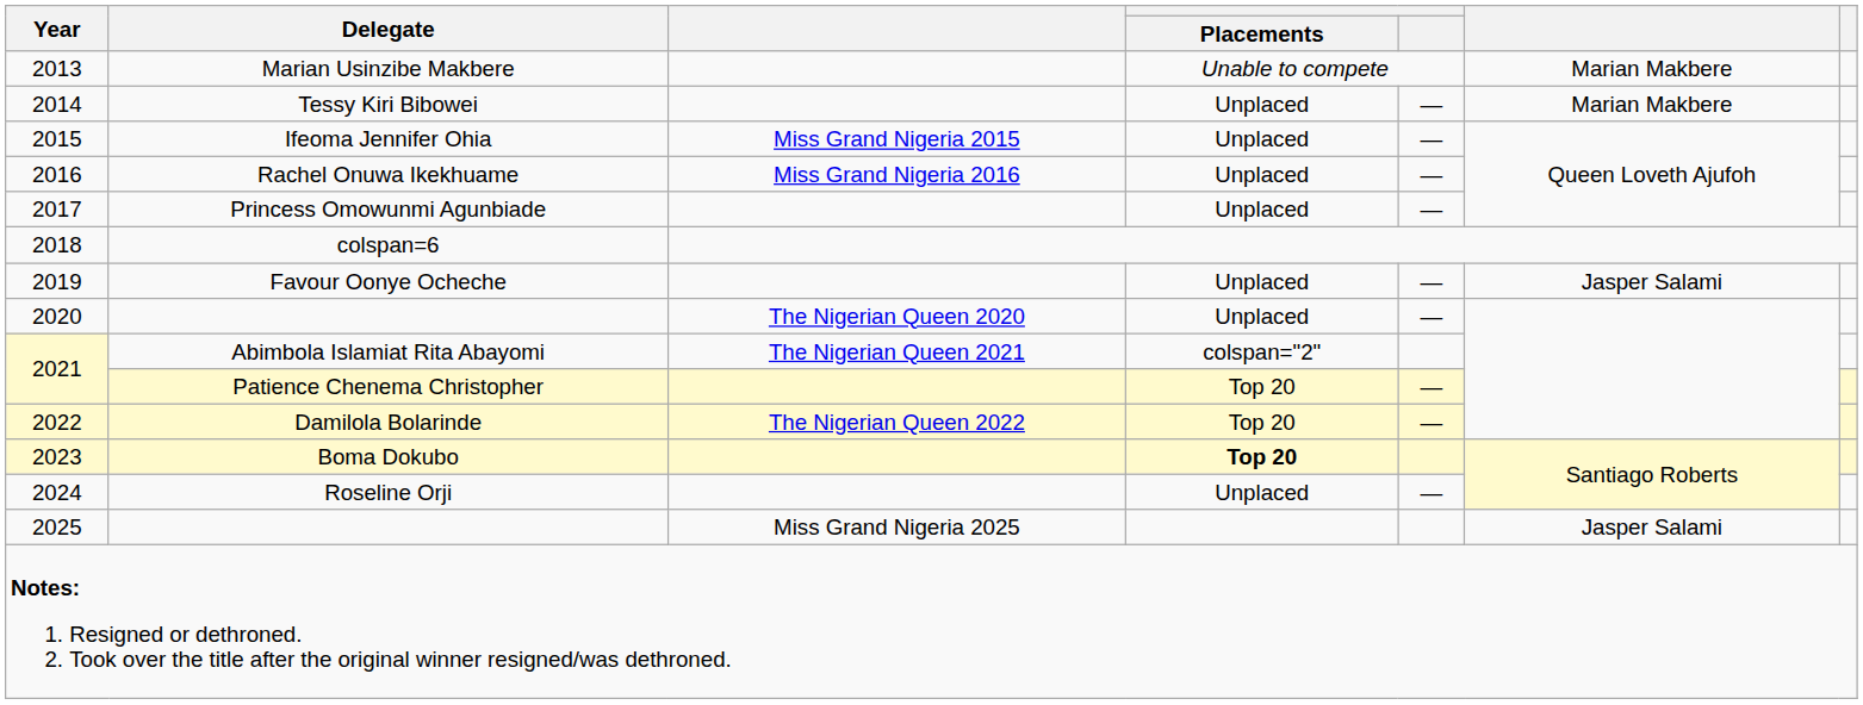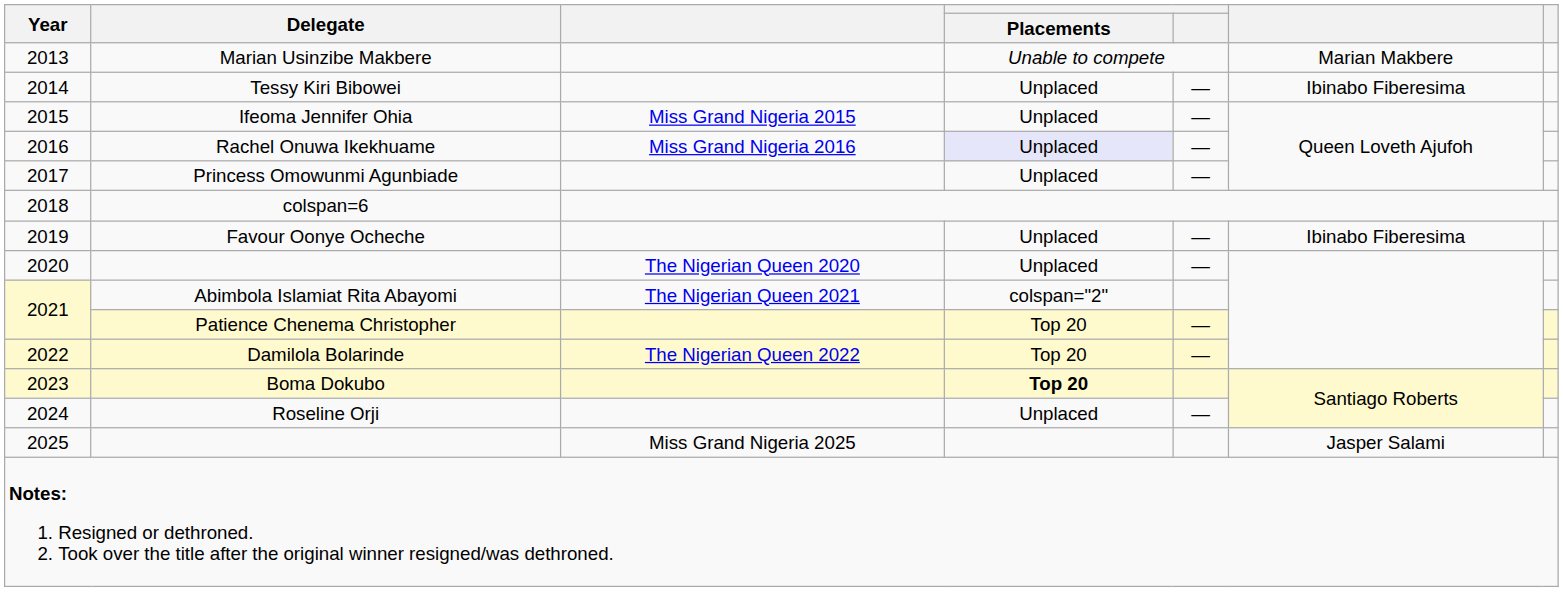 <table class="wikitable" style="font-size:95%; text-align:center; width:100%">
 <tr>
 <th rowspan="2">Year</th>
 <th rowspan="2">Delegate</th>
 <th rowspan="2"></th>
 <th colspan="2"></th>
 <th rowspan="2"></th>
 <th rowspan="2"></th>
 </tr>
 <tr>
 <th>Placements</th>
 <th></th>
 </tr>
 <tr>
 <td>2013</td>
 <td>Marian Usinzibe Makbere</td>
 <td></td>
 <td colspan="2"><em>Unable to compete</em></td>
 <td>Marian Makbere</td>
 <td></td>
 </tr>
 <tr>
 <td>2014</td>
 <td>Tessy Kiri Bibowei</td>
 <td></td>
 <td>Unplaced</td>
 <td>—</td>
-<td>Marian Makbere</td>
+<td>Ibinabo Fiberesima</td>
 <td></td>
 </tr>
 <tr>
 <td>2015</td>
 <td>Ifeoma Jennifer Ohia</td>
 <td><a href='#'>Miss Grand Nigeria 2015</a></td>
 <td>Unplaced</td>
 <td>—</td>
 <td rowspan=3>Queen Loveth Ajufoh</td>
 <td></td>
 </tr>
 <tr>
 <td>2016</td>
 <td>Rachel Onuwa Ikekhuame</td>
 <td><a href='#'>Miss Grand Nigeria 2016</a></td>
-<td>Unplaced</td>
+<td style="background: lavender;">Unplaced</td>
 <td>—</td>
 <td></td>
 </tr>
 <tr>
 <td>2017</td>
 <td>Princess Omowunmi Agunbiade</td>
 <td></td>
 <td>Unplaced</td>
 <td>—</td>
 <td></td>
 </tr>
 <tr>
 <td>2018</td>
 <td>colspan=6 </td>
 </tr>
 <tr>
 <td>2019</td>
 <td>Favour Oonye Ocheche</td>
 <td></td>
 <td>Unplaced</td>
 <td>—</td>
-<td>Jasper Salami</td>
+<td>Ibinabo Fiberesima</td>
 <td></td>
 </tr>
 <tr>
 <td>2020</td>
 <td></td>
 <td><a href='#'>The Nigerian Queen 2020</a></td>
 <td>Unplaced</td>
 <td>—</td>
 <td rowspan=4></td>
 <td></td>
 </tr>
 <tr>
 <td rowspan="2" bgcolor=#FFFACD>2021</td>
 <td>Abimbola Islamiat Rita Abayomi</td>
 <td><a href='#'>The Nigerian Queen 2021</a></td>
 <td>colspan="2" </td>
 <td></td>
 </tr>
 <tr bgcolor=#FFFACD>
 <td>Patience Chenema Christopher</td>
 <td></td>
 <td>Top 20</td>
 <td>—</td>
 <td></td>
 </tr>
 <tr bgcolor=#FFFACD>
 <td>2022</td>
 <td>Damilola Bolarinde</td>
 <td><a href='#'>The Nigerian Queen 2022</a></td>
 <td>Top 20</td>
 <td>—</td>
 <td></td>
 </tr>
 <tr bgcolor=#FFFACD>
 <td>2023</td>
 <td>Boma Dokubo</td>
 <td></td>
 <td><strong>Top 20</strong></td>
 <td></td>
 <td rowspan=2>Santiago Roberts</td>
 <td></td>
 </tr>
 <tr>
 <td>2024</td>
 <td>Roseline Orji</td>
 <td></td>
 <td>Unplaced</td>
 <td>—</td>
 <td></td>
 </tr>
 <tr>
 <td>2025</td>
 <td></td>
 <td>Miss Grand Nigeria 2025</td>
 <td></td>
 <td></td>
 <td>Jasper Salami</td>
 </tr>
 <tr>
 <td colspan="7" align=left><br><strong>Notes:</strong><br><ol><li> Resigned or dethroned.</li><li> Took over the title after the original winner resigned/was dethroned.</li></ol></td>
 </tr>
 </table>
